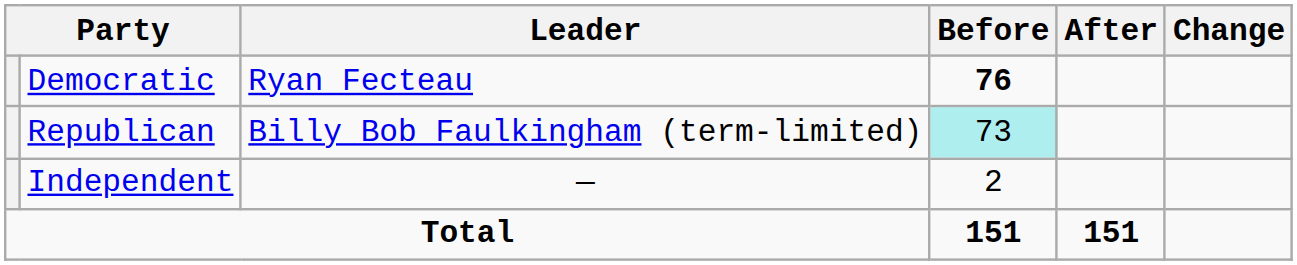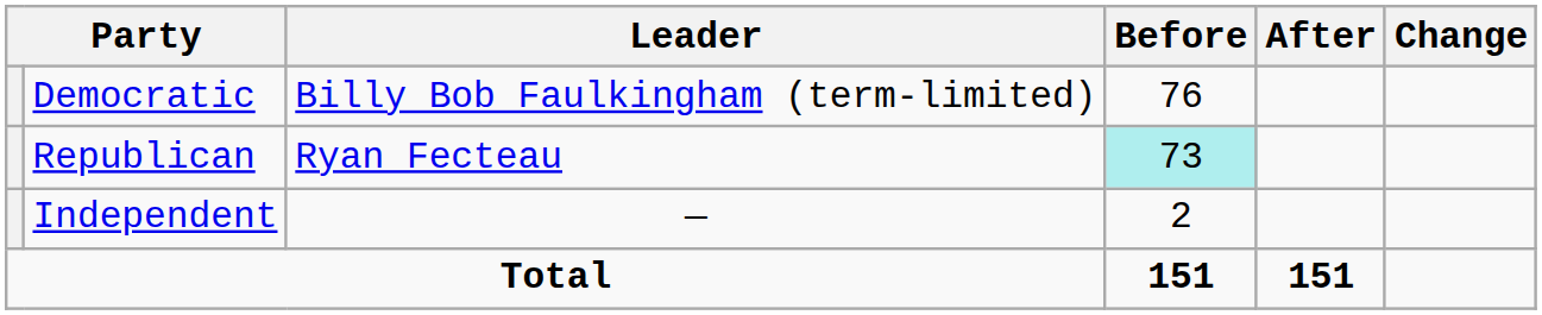 <table class="wikitable" style="text-align:center;">
 <tr>
 <th colspan="2">Party</th>
 <th>Leader</th>
 <th style="width:3em">Before</th>
 <th style="width:3em">After</th>
 <th style="width:3em">Change</th>
 </tr>
 <tr>
 <th style="background-color:"></th>
 <td style="text-align:left;"><a href='#'>Democratic</a></td>
-<td style="text-align:left;"><a href='#'>Ryan Fecteau</a></td>
-<td><strong>76</strong></td>
+<td style="text-align:left;"><a href='#'>Billy Bob Faulkingham</a> (term-limited)</td>
+<td>76</td>
 <td></td>
 <td></td>
 </tr>
 <tr>
 <th style="background-color:"></th>
 <td style="text-align:left;"><a href='#'>Republican</a></td>
-<td style="text-align:left;"><a href='#'>Billy Bob Faulkingham</a> (term-limited)</td>
+<td style="text-align:left;"><a href='#'>Ryan Fecteau</a></td>
 <td style="background: paleturquoise;">73</td>
 <td></td>
 <td></td>
 </tr>
 <tr>
 <th style="background-color:"></th>
 <td style="text-align:left;"><a href='#'>Independent</a></td>
 <td>—</td>
 <td>2</td>
 <td></td>
 <td></td>
 </tr>
 <tr>
 <td colspan="3"><strong>Total</strong></td>
 <td><strong>151</strong></td>
 <td><strong>151</strong></td>
 <td></td>
 </tr>
 </table>
